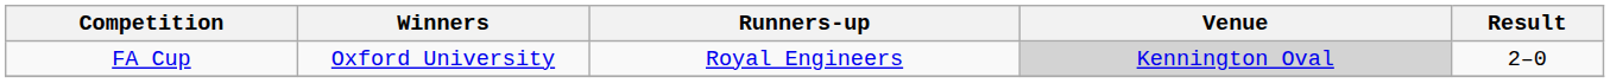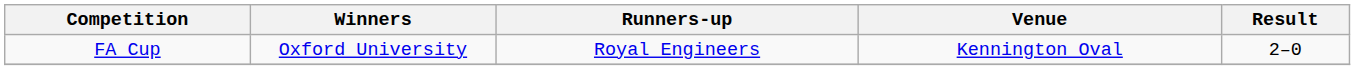 <table class="wikitable" width="75%">
 <tr>
 <th style="width:10em">Competition</th>
 <th style="width:10em">Winners</th>
 <th style="width:15em">Runners-up</th>
 <th style="width:15em">Venue</th>
 <th style="width:05em">Result</th>
 </tr>
 <tr>
 <td align="center"><a href='#'>FA Cup</a></td>
 <td align="center"><a href='#'>Oxford University</a></td>
 <td align="center"><a href='#'>Royal Engineers</a></td>
-<td align="center" style="background: lightgrey;"><a href='#'>Kennington Oval</a></td>
+<td align="center"><a href='#'>Kennington Oval</a></td>
 <td align="center">2–0</td>
 </tr>
 <tr>
 </tr>
 </table>
